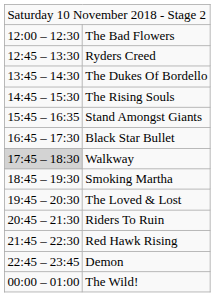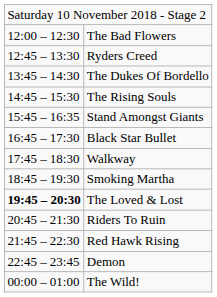 <table class="wikitable">
 <tr>
 <td colspan="2">Saturday 10 November 2018 - Stage 2</td>
 </tr>
 <tr>
 <td>12:00 – 12:30</td>
 <td>The Bad Flowers</td>
 </tr>
 <tr>
 <td>12:45 – 13:30</td>
 <td>Ryders Creed</td>
 </tr>
 <tr>
 <td>13:45 – 14:30</td>
 <td>The Dukes Of Bordello</td>
 </tr>
 <tr>
 <td>14:45 – 15:30</td>
 <td>The Rising Souls</td>
 </tr>
 <tr>
 <td>15:45 – 16:35</td>
 <td>Stand Amongst Giants</td>
 </tr>
 <tr>
 <td>16:45 – 17:30</td>
 <td>Black Star Bullet</td>
 </tr>
 <tr>
-<td style="background: lightgrey;">17:45 – 18:30</td>
+<td>17:45 – 18:30</td>
 <td>Walkway</td>
 </tr>
 <tr>
 <td>18:45 – 19:30</td>
 <td>Smoking Martha</td>
 </tr>
 <tr>
-<td>19:45 – 20:30</td>
+<td><strong>19:45 – 20:30</strong></td>
 <td>The Loved & Lost</td>
 </tr>
 <tr>
 <td>20:45 – 21:30</td>
 <td>Riders To Ruin</td>
 </tr>
 <tr>
 <td>21:45 – 22:30</td>
 <td>Red Hawk Rising</td>
 </tr>
 <tr>
 <td>22:45 – 23:45</td>
 <td>Demon</td>
 </tr>
 <tr>
 <td>00:00 – 01:00</td>
 <td>The Wild!</td>
 </tr>
 </table>
